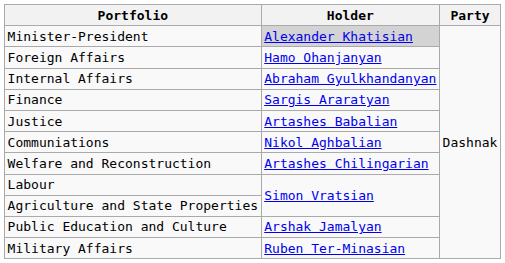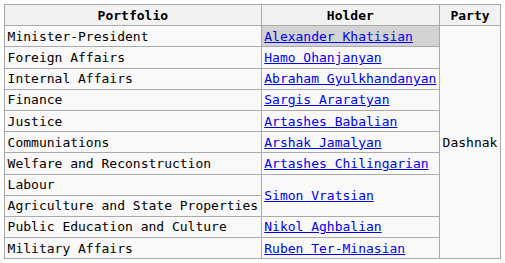 <table class="wikitable">
 <tr>
 <th>Portfolio</th>
 <th>Holder</th>
 <th>Party</th>
 </tr>
 <tr>
 <td>Minister-President</td>
 <td style="background: lightgrey;"><a href='#'>Alexander Khatisian</a></td>
 <td rowspan="11">Dashnak</td>
 </tr>
 <tr>
 <td>Foreign Affairs</td>
 <td><a href='#'>Hamo Ohanjanyan</a></td>
 </tr>
 <tr>
 <td>Internal Affairs</td>
 <td><a href='#'>Abraham Gyulkhandanyan</a></td>
 </tr>
 <tr>
 <td>Finance</td>
 <td><a href='#'>Sargis Araratyan</a></td>
 </tr>
 <tr>
 <td>Justice</td>
 <td><a href='#'>Artashes Babalian</a></td>
 </tr>
 <tr>
 <td>Communiations</td>
-<td><a href='#'>Nikol Aghbalian</a></td>
+<td><a href='#'>Arshak Jamalyan</a></td>
 </tr>
 <tr>
 <td>Welfare and Reconstruction</td>
 <td><a href='#'>Artashes Chilingarian</a></td>
 </tr>
 <tr>
 <td>Labour</td>
 <td rowspan="2"><a href='#'>Simon Vratsian</a></td>
 </tr>
 <tr>
 <td>Agriculture and State Properties</td>
 </tr>
 <tr>
 <td>Public Education and Culture</td>
-<td><a href='#'>Arshak Jamalyan</a></td>
+<td><a href='#'>Nikol Aghbalian</a></td>
 </tr>
 <tr>
 <td>Military Affairs</td>
 <td><a href='#'>Ruben Ter-Minasian</a></td>
 </tr>
 </table>
